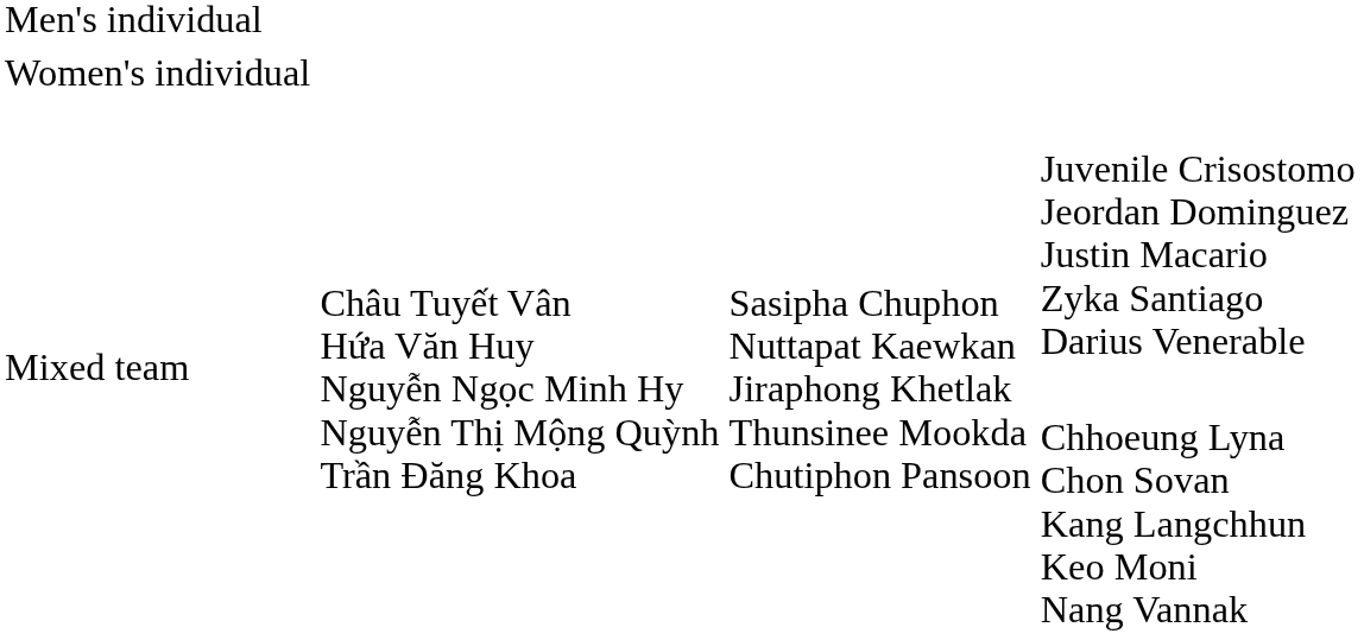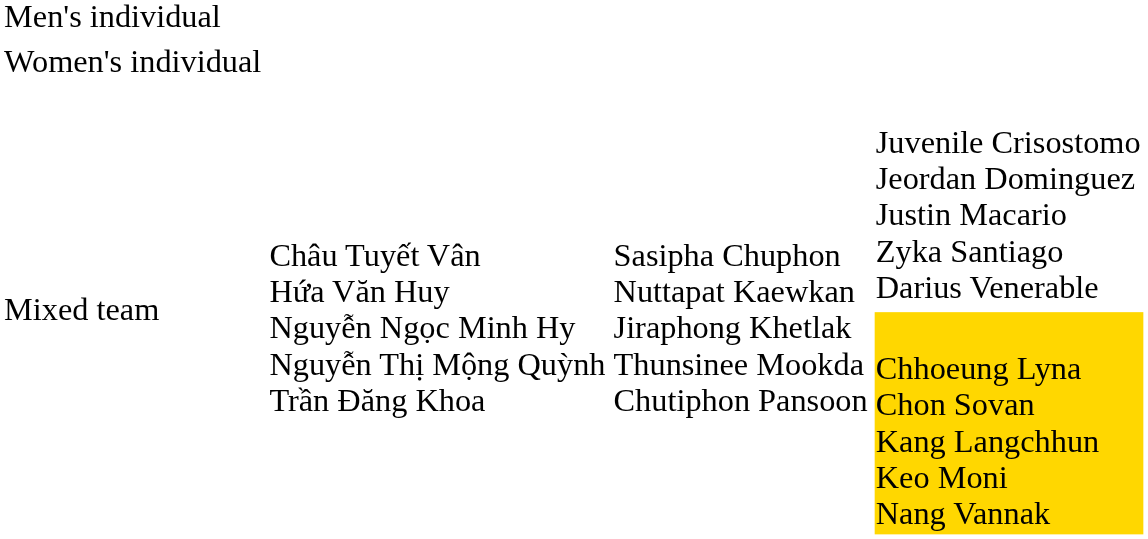 <table>
 <tr>
 <td>Men's individual</td>
 <td></td>
 <td></td>
 <td></td>
 </tr>
 <tr>
 <td>Women's individual</td>
 <td></td>
 <td></td>
 <td></td>
 </tr>
 <tr>
 <td rowspan=2>Mixed team</td>
 <td rowspan=2 nowrap><br>Châu Tuyết Vân<br>Hứa Văn Huy<br>Nguyễn Ngọc Minh Hy<br>Nguyễn Thị Mộng Quỳnh<br>Trần Đăng Khoa</td>
 <td rowspan=2 nowrap><br>Sasipha Chuphon<br>Nuttapat Kaewkan<br>Jiraphong Khetlak<br>Thunsinee Mookda<br>Chutiphon Pansoon</td>
 <td nowrap><br>Juvenile Crisostomo<br>Jeordan Dominguez<br>Justin Macario<br>Zyka Santiago<br>Darius Venerable</td>
 </tr>
 <tr>
-<td><br>Chhoeung Lyna<br>Chon Sovan<br>Kang Langchhun<br>Keo Moni<br>Nang Vannak</td>
+<td style="background: gold;"><br>Chhoeung Lyna<br>Chon Sovan<br>Kang Langchhun<br>Keo Moni<br>Nang Vannak</td>
 </tr>
 </table>
